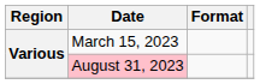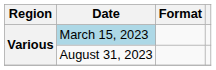 <table class="wikitable plainrowheaders">
 <tr>
 <th scope="col">Region</th>
 <th scope="col">Date</th>
 <th scope="col">Format</th>
 <th scope="col"></th>
 </tr>
 <tr>
 <th scope="row" rowspan="2">Various</th>
-<td>March 15, 2023</td>
+<td style="background: lightblue;">March 15, 2023</td>
 <td></td>
 <td align="center"></td>
 </tr>
 <tr>
-<td style="background: pink;">August 31, 2023</td>
+<td>August 31, 2023</td>
 <td></td>
 <td align="center"></td>
 </tr>
 <tr>
 </tr>
 </table>
